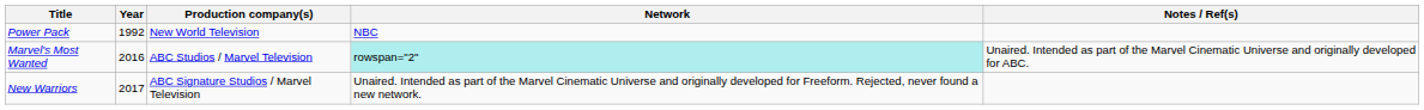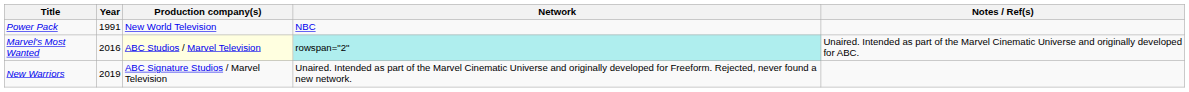 <table class="wikitable plainrowheaders" style="text-align: left">
 <tr>
 <th>Title</th>
 <th>Year</th>
 <th>Production company(s)</th>
 <th>Network</th>
 <th>Notes / Ref(s)</th>
 </tr>
 <tr>
 <td><em><a href='#'>Power Pack</a></em></td>
-<td>1992</td>
+<td>1991</td>
 <td><a href='#'>New World Television</a></td>
 <td><a href='#'>NBC</a></td>
 <td></td>
 </tr>
 <tr>
 <td><em><a href='#'>Marvel's Most Wanted</a></em></td>
 <td>2016</td>
-<td><a href='#'>ABC Studios</a> / <a href='#'>Marvel Television</a></td>
+<td style="background: lightyellow;"><a href='#'>ABC Studios</a> / <a href='#'>Marvel Television</a></td>
 <td style="background: paleturquoise;">rowspan="2" </td>
 <td>Unaired. Intended as part of the Marvel Cinematic Universe and originally developed for ABC.</td>
 </tr>
 <tr>
 <td><em><a href='#'>New Warriors</a></em></td>
-<td>2017</td>
+<td>2019</td>
 <td><a href='#'>ABC Signature Studios</a> / Marvel Television</td>
 <td>Unaired. Intended as part of the Marvel Cinematic Universe and originally developed for Freeform. Rejected, never found a new network.</td>
 </tr>
 </table>
